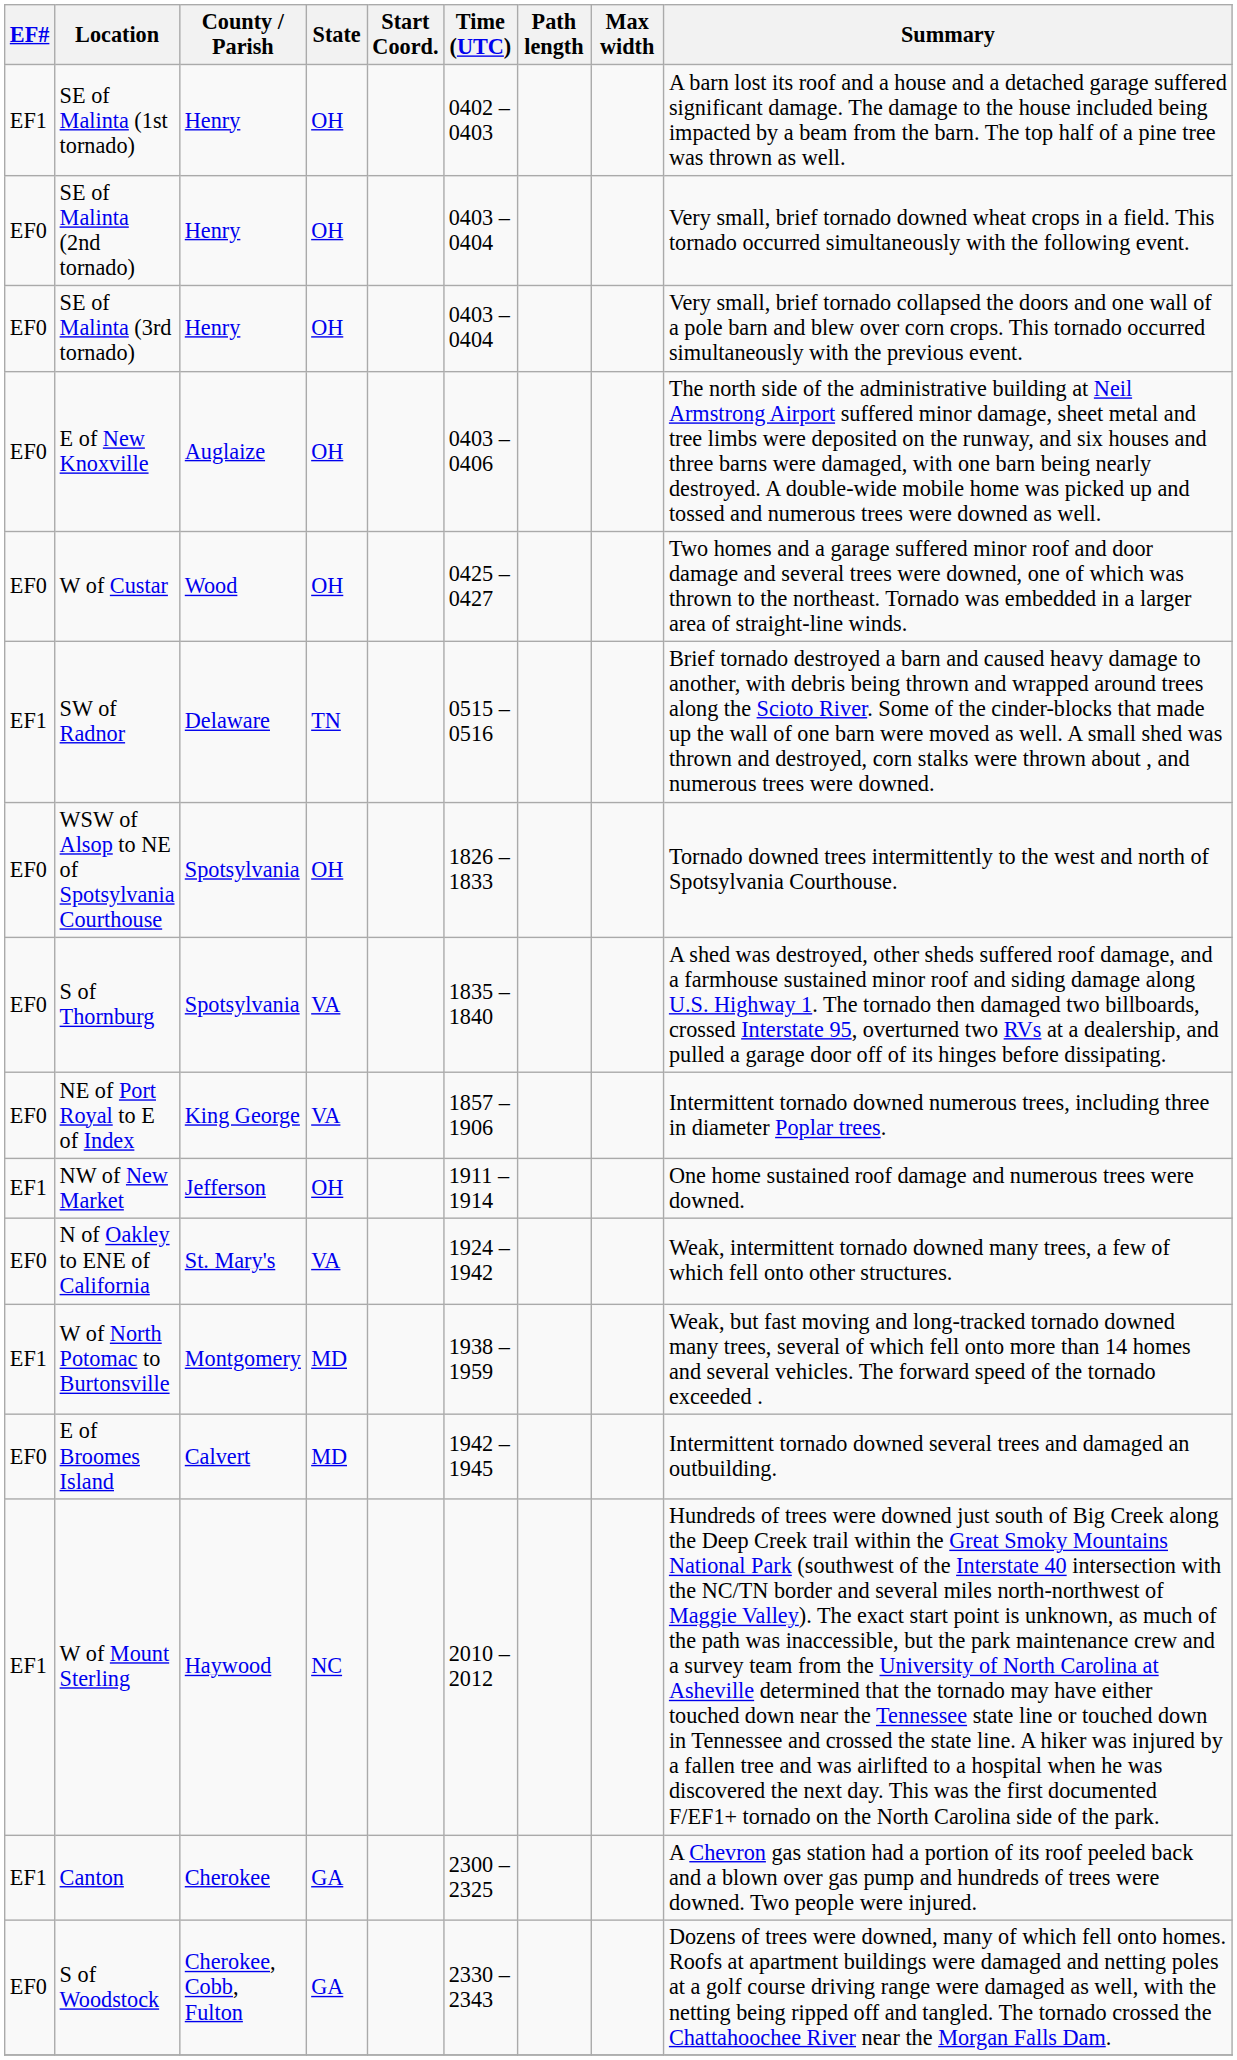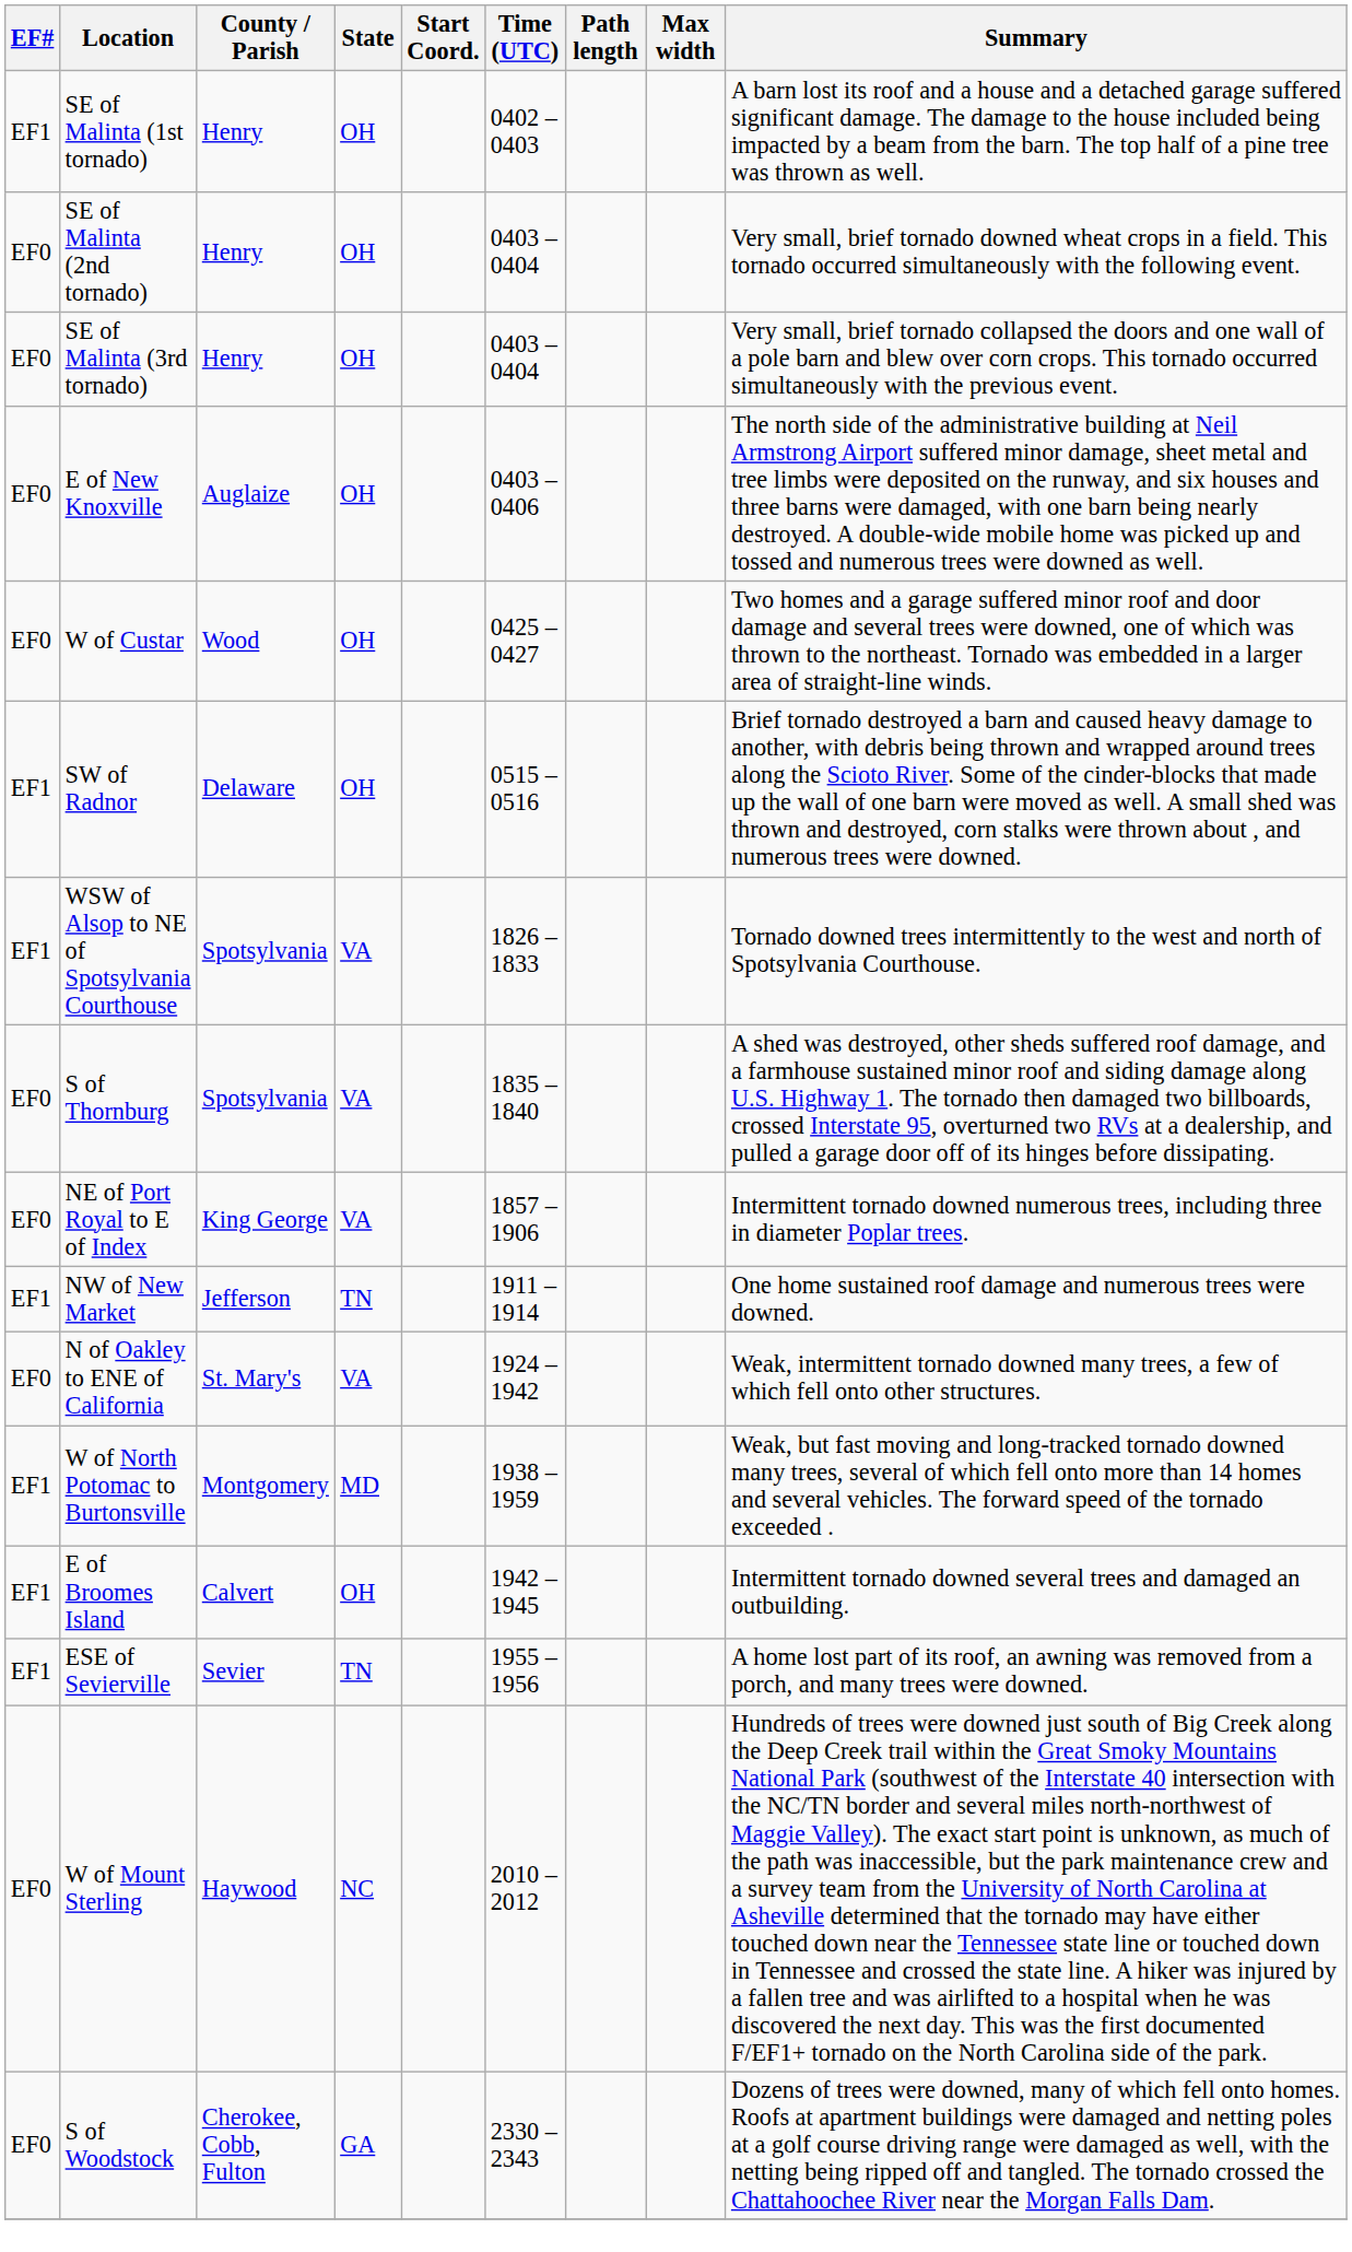 <table class="wikitable sortable" style="width:100%;">
 <tr>
 <th scope="col" width="3%" align="center"><a href='#'>EF#</a></th>
 <th scope="col" width="7%" align="center" class="unsortable">Location</th>
 <th scope="col" width="6%" align="center" class="unsortable">County / Parish</th>
 <th scope="col" width="5%" align="center">State</th>
 <th scope="col" width="6%" align="center">Start Coord.</th>
 <th scope="col" width="6%" align="center">Time (<a href='#'>UTC</a>)</th>
 <th scope="col" width="6%" align="center">Path length</th>
 <th scope="col" width="6%" align="center">Max width</th>
 <th scope="col" width="48%" class="unsortable" align="center">Summary</th>
 </tr>
 <tr>
 <td>EF1</td>
 <td>SE of <a href='#'>Malinta</a> (1st tornado)</td>
 <td><a href='#'>Henry</a></td>
 <td><a href='#'>OH</a></td>
 <td></td>
 <td>0402 – 0403</td>
 <td></td>
 <td></td>
 <td>A barn lost its roof and a house and a detached garage suffered significant damage. The damage to the house included being impacted by a beam from the barn. The top half of a pine tree was thrown  as well.</td>
 </tr>
 <tr>
 <td>EF0</td>
 <td>SE of <a href='#'>Malinta</a> (2nd tornado)</td>
 <td><a href='#'>Henry</a></td>
 <td><a href='#'>OH</a></td>
 <td></td>
 <td>0403 – 0404</td>
 <td></td>
 <td></td>
 <td>Very small, brief tornado downed wheat crops in a field. This tornado occurred simultaneously with the following event.</td>
 </tr>
 <tr>
 <td>EF0</td>
 <td>SE of <a href='#'>Malinta</a> (3rd tornado)</td>
 <td><a href='#'>Henry</a></td>
 <td><a href='#'>OH</a></td>
 <td></td>
 <td>0403 – 0404</td>
 <td></td>
 <td></td>
 <td>Very small, brief tornado collapsed the doors and one wall of a pole barn and blew over corn crops. This tornado occurred simultaneously with the previous event.</td>
 </tr>
 <tr>
 <td>EF0</td>
 <td>E of <a href='#'>New Knoxville</a></td>
 <td><a href='#'>Auglaize</a></td>
 <td><a href='#'>OH</a></td>
 <td></td>
 <td>0403 – 0406</td>
 <td></td>
 <td></td>
 <td>The north side of the administrative building at <a href='#'>Neil Armstrong Airport</a> suffered minor damage, sheet metal and tree limbs were deposited on the runway, and six houses and three barns were damaged, with one barn being nearly destroyed. A double-wide mobile home was picked up and tossed  and numerous trees were downed as well.</td>
 </tr>
 <tr>
 <td>EF0</td>
 <td>W of <a href='#'>Custar</a></td>
 <td><a href='#'>Wood</a></td>
 <td><a href='#'>OH</a></td>
 <td></td>
 <td>0425 – 0427</td>
 <td></td>
 <td></td>
 <td>Two homes and a garage suffered minor roof and door damage and several trees were downed, one of which was thrown  to the northeast. Tornado was embedded in a larger area of straight-line winds.</td>
 </tr>
 <tr>
 <td>EF1</td>
 <td>SW of <a href='#'>Radnor</a></td>
 <td><a href='#'>Delaware</a></td>
-<td><a href='#'>TN</a></td>
+<td><a href='#'>OH</a></td>
 <td></td>
 <td>0515 – 0516</td>
 <td></td>
 <td></td>
 <td>Brief tornado destroyed a barn and caused heavy damage to another, with debris being thrown and wrapped around trees along the <a href='#'>Scioto River</a>. Some of the cinder-blocks that made up the wall of one barn were moved as well. A small shed was thrown  and destroyed, corn stalks were thrown about , and numerous trees were downed.</td>
 </tr>
 <tr>
-<td>EF0</td>
+<td>EF1</td>
 <td>WSW of <a href='#'>Alsop</a> to NE of <a href='#'>Spotsylvania Courthouse</a></td>
 <td><a href='#'>Spotsylvania</a></td>
-<td><a href='#'>OH</a></td>
+<td><a href='#'>VA</a></td>
 <td></td>
 <td>1826 – 1833</td>
 <td></td>
 <td></td>
 <td>Tornado downed trees intermittently to the west and north of Spotsylvania Courthouse.</td>
 </tr>
 <tr>
 <td>EF0</td>
 <td>S of <a href='#'>Thornburg</a></td>
 <td><a href='#'>Spotsylvania</a></td>
 <td><a href='#'>VA</a></td>
 <td></td>
 <td>1835 – 1840</td>
 <td></td>
 <td></td>
 <td>A shed was destroyed, other sheds suffered roof damage, and a farmhouse sustained minor roof and siding damage along <a href='#'>U.S. Highway 1</a>. The tornado then damaged two billboards, crossed <a href='#'>Interstate 95</a>, overturned two  <a href='#'>RVs</a> at a dealership, and pulled a garage door off of its hinges before dissipating.</td>
 </tr>
 <tr>
 <td>EF0</td>
 <td>NE of <a href='#'>Port Royal</a> to E of <a href='#'>Index</a></td>
 <td><a href='#'>King George</a></td>
 <td><a href='#'>VA</a></td>
 <td></td>
 <td>1857 – 1906</td>
 <td></td>
 <td></td>
 <td>Intermittent tornado downed numerous trees, including three  in diameter <a href='#'>Poplar trees</a>.</td>
 </tr>
 <tr>
 <td>EF1</td>
 <td>NW of <a href='#'>New Market</a></td>
 <td><a href='#'>Jefferson</a></td>
-<td><a href='#'>OH</a></td>
+<td><a href='#'>TN</a></td>
 <td></td>
 <td>1911 – 1914</td>
 <td></td>
 <td></td>
 <td>One home sustained roof damage and numerous trees were downed.</td>
 </tr>
 <tr>
 <td>EF0</td>
 <td>N of <a href='#'>Oakley</a> to ENE of <a href='#'>California</a></td>
 <td><a href='#'>St. Mary's</a></td>
 <td><a href='#'>VA</a></td>
 <td></td>
 <td>1924 – 1942</td>
 <td></td>
 <td></td>
 <td>Weak, intermittent tornado downed many trees, a few of which fell onto other structures.</td>
 </tr>
 <tr>
 <td>EF1</td>
 <td>W of <a href='#'>North Potomac</a> to <a href='#'>Burtonsville</a></td>
 <td><a href='#'>Montgomery</a></td>
 <td><a href='#'>MD</a></td>
 <td></td>
 <td>1938 – 1959</td>
 <td></td>
 <td></td>
 <td>Weak, but fast moving and long-tracked tornado downed many trees, several of which fell onto more than 14 homes and several vehicles. The forward speed of the tornado exceeded .</td>
 </tr>
 <tr>
-<td>EF0</td>
+<td>EF1</td>
 <td>E of <a href='#'>Broomes Island</a></td>
 <td><a href='#'>Calvert</a></td>
-<td><a href='#'>MD</a></td>
+<td><a href='#'>OH</a></td>
 <td></td>
 <td>1942 – 1945</td>
 <td></td>
 <td></td>
 <td>Intermittent tornado downed several trees and damaged an outbuilding.</td>
 </tr>
 <tr>
 <td>EF1</td>
+<td>ESE of <a href='#'>Sevierville</a></td>
+<td><a href='#'>Sevier</a></td>
+<td><a href='#'>TN</a></td>
+<td></td>
+<td>1955 – 1956</td>
+<td></td>
+<td></td>
+<td>A home lost part of its roof, an awning was removed from a porch, and many trees were downed.</td>
+</tr>
+<tr>
+<td>EF0</td>
 <td>W of <a href='#'>Mount Sterling</a></td>
 <td><a href='#'>Haywood</a></td>
 <td><a href='#'>NC</a></td>
 <td></td>
 <td>2010 – 2012</td>
 <td></td>
 <td></td>
 <td>Hundreds of trees were downed just south of Big Creek along the Deep Creek trail within the <a href='#'>Great Smoky Mountains National Park</a> (southwest of the <a href='#'>Interstate 40</a> intersection with the NC/TN border and several miles north-northwest of <a href='#'>Maggie Valley</a>). The exact start point is unknown, as much of the path was inaccessible, but the park maintenance crew and a survey team from the <a href='#'>University of North Carolina at Asheville</a> determined that the tornado may have either touched down near the <a href='#'>Tennessee</a> state line or touched down in Tennessee and crossed the state line. A hiker was injured by a fallen tree and was airlifted to a hospital when he was discovered the next day. This was the first documented F/EF1+ tornado on the North Carolina side of the park.</td>
-</tr>
-<tr>
-<td>EF1</td>
-<td><a href='#'>Canton</a></td>
-<td><a href='#'>Cherokee</a></td>
-<td><a href='#'>GA</a></td>
-<td></td>
-<td>2300 – 2325</td>
-<td></td>
-<td></td>
-<td>A <a href='#'>Chevron</a> gas station had a portion of its roof peeled back and a blown over gas pump and hundreds of trees were downed. Two people were injured.</td>
 </tr>
 <tr>
 <td>EF0</td>
 <td>S of <a href='#'>Woodstock</a></td>
 <td><a href='#'>Cherokee</a>, <a href='#'>Cobb</a>, <a href='#'>Fulton</a></td>
 <td><a href='#'>GA</a></td>
 <td></td>
 <td>2330 – 2343</td>
 <td></td>
 <td></td>
 <td>Dozens of trees were downed, many of which fell onto homes. Roofs at apartment buildings were damaged and netting poles at a golf course driving range were damaged as well, with the netting being ripped off and tangled. The tornado crossed the <a href='#'>Chattahoochee River</a> near the <a href='#'>Morgan Falls Dam</a>.</td>
 </tr>
 <tr>
 </tr>
 </table>
